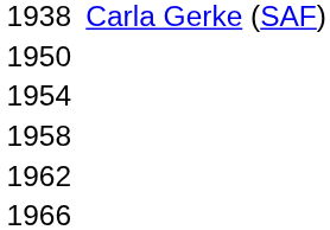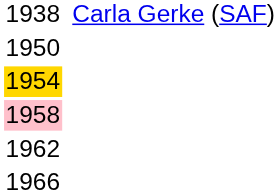 <table>
 <tr>
 <td>1938</td>
 <td></td>
 <td> <a href='#'>Carla Gerke</a> (<a href='#'>SAF</a>)</td>
 <td></td>
 </tr>
 <tr>
 <td>1950</td>
 <td></td>
 <td></td>
 <td></td>
 </tr>
 <tr>
-<td>1954</td>
+<td style="background: gold;">1954</td>
 <td></td>
 <td></td>
 <td></td>
 </tr>
 <tr>
-<td>1958</td>
+<td style="background: pink;">1958</td>
 <td></td>
 <td></td>
 <td></td>
 </tr>
 <tr>
 <td>1962</td>
 <td></td>
 <td></td>
 <td></td>
 </tr>
 <tr>
 <td>1966</td>
 <td></td>
 <td></td>
 <td></td>
 </tr>
 </table>
